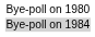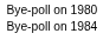 <table style="margin: 1em auto;">
 <tr>
 <td> Bye-poll on 1980</td>
 </tr>
 <tr>
-<td style="background: lightgrey;"> Bye-poll on 1984</td>
+<td> Bye-poll on 1984</td>
 </tr>
 </table>
